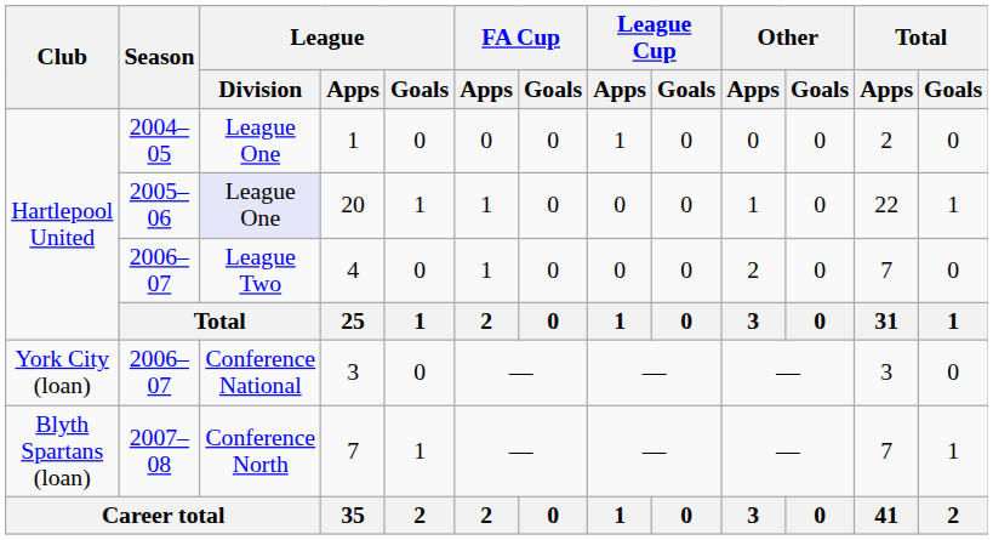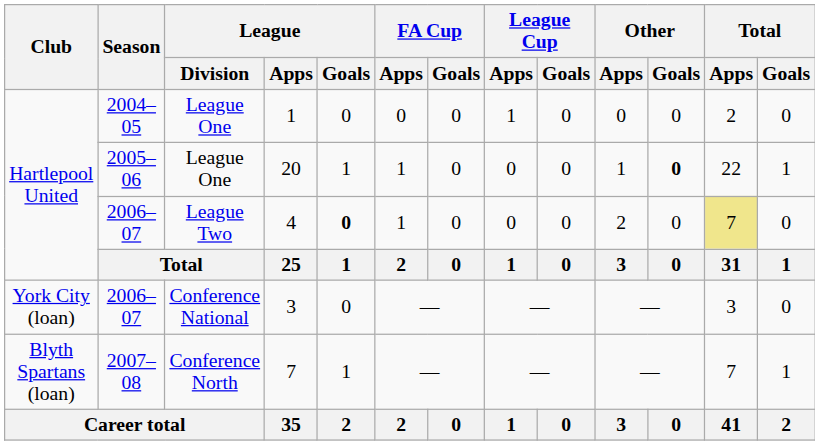 <table class=wikitable style="text-align: center;">
 <tr>
 <th rowspan=2>Club</th>
 <th rowspan=2>Season</th>
 <th colspan=3>League</th>
 <th colspan=2><a href='#'>FA Cup</a></th>
 <th colspan=2><a href='#'>League Cup</a></th>
 <th colspan=2>Other</th>
 <th colspan=2>Total</th>
 </tr>
 <tr>
 <th>Division</th>
 <th>Apps</th>
 <th>Goals</th>
 <th>Apps</th>
 <th>Goals</th>
 <th>Apps</th>
 <th>Goals</th>
 <th>Apps</th>
 <th>Goals</th>
 <th>Apps</th>
 <th>Goals</th>
 </tr>
 <tr>
 <td rowspan=4><a href='#'>Hartlepool United</a></td>
 <td><a href='#'>2004–05</a></td>
 <td><a href='#'>League One</a></td>
 <td>1</td>
 <td>0</td>
 <td>0</td>
 <td>0</td>
 <td>1</td>
 <td>0</td>
 <td>0</td>
 <td>0</td>
 <td>2</td>
 <td>0</td>
 </tr>
 <tr>
 <td><a href='#'>2005–06</a></td>
-<td style="background: lavender;">League One</td>
+<td>League One</td>
 <td>20</td>
 <td>1</td>
 <td>1</td>
 <td>0</td>
 <td>0</td>
 <td>0</td>
 <td>1</td>
-<td>0</td>
+<td><strong>0</strong></td>
 <td>22</td>
 <td>1</td>
 </tr>
 <tr>
 <td><a href='#'>2006–07</a></td>
 <td><a href='#'>League Two</a></td>
 <td>4</td>
-<td>0</td>
+<td><strong>0</strong></td>
 <td>1</td>
 <td>0</td>
 <td>0</td>
 <td>0</td>
 <td>2</td>
 <td>0</td>
-<td>7</td>
+<td style="background: khaki;">7</td>
 <td>0</td>
 </tr>
 <tr>
 <th colspan=2>Total</th>
 <th>25</th>
 <th>1</th>
 <th>2</th>
 <th>0</th>
 <th>1</th>
 <th>0</th>
 <th>3</th>
 <th>0</th>
 <th>31</th>
 <th>1</th>
 </tr>
 <tr>
 <td><a href='#'>York City</a> (loan)</td>
 <td><a href='#'>2006–07</a></td>
 <td><a href='#'>Conference National</a></td>
 <td>3</td>
 <td>0</td>
 <td colspan=2>—</td>
 <td colspan=2>—</td>
 <td colspan=2>—</td>
 <td>3</td>
 <td>0</td>
 </tr>
 <tr>
 <td><a href='#'>Blyth Spartans</a> (loan)</td>
 <td><a href='#'>2007–08</a></td>
 <td><a href='#'>Conference North</a></td>
 <td>7</td>
 <td>1</td>
 <td colspan=2>—</td>
 <td colspan=2>—</td>
 <td colspan=2>—</td>
 <td>7</td>
 <td>1</td>
 </tr>
 <tr>
 <th colspan=3>Career total</th>
 <th>35</th>
 <th>2</th>
 <th>2</th>
 <th>0</th>
 <th>1</th>
 <th>0</th>
 <th>3</th>
 <th>0</th>
 <th>41</th>
 <th>2</th>
 </tr>
 </table>
